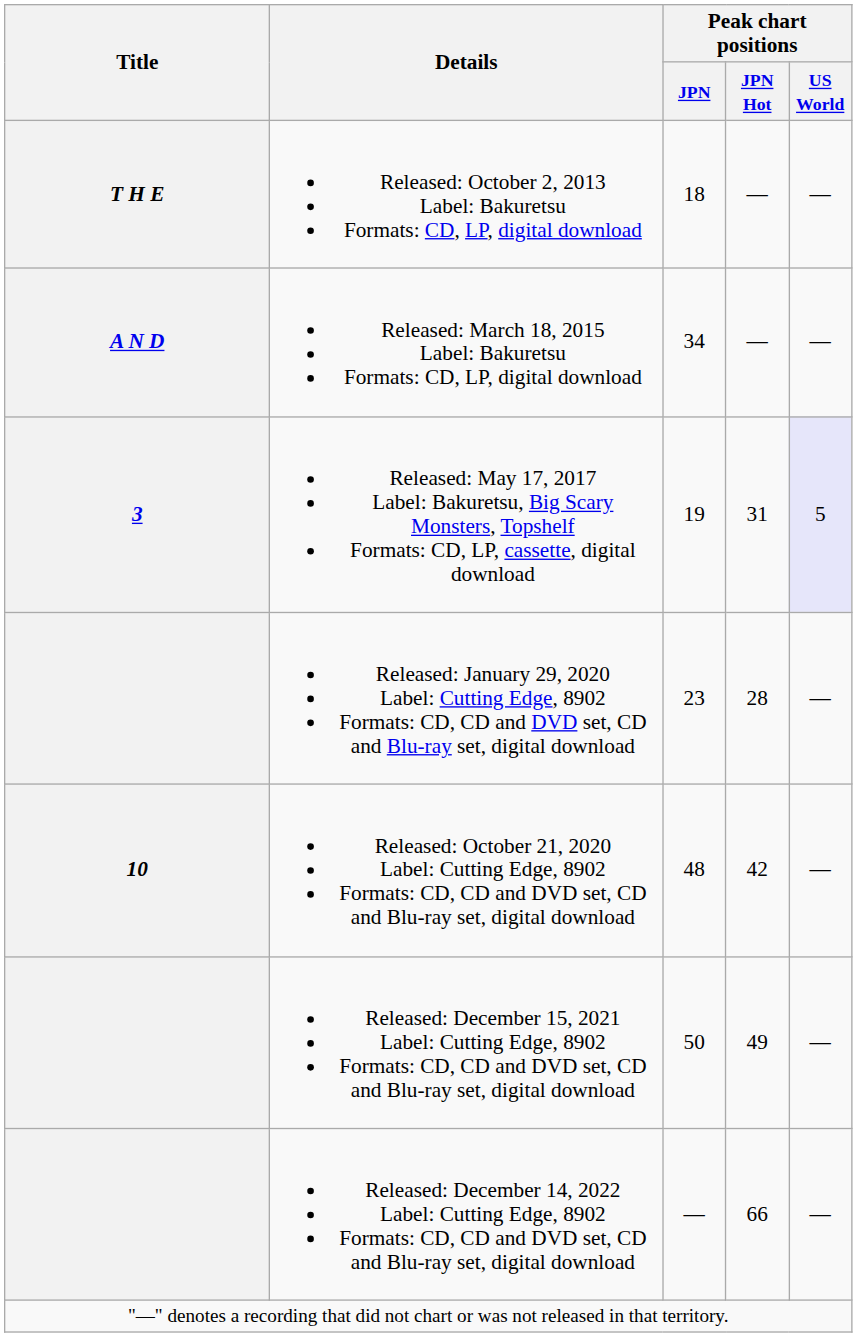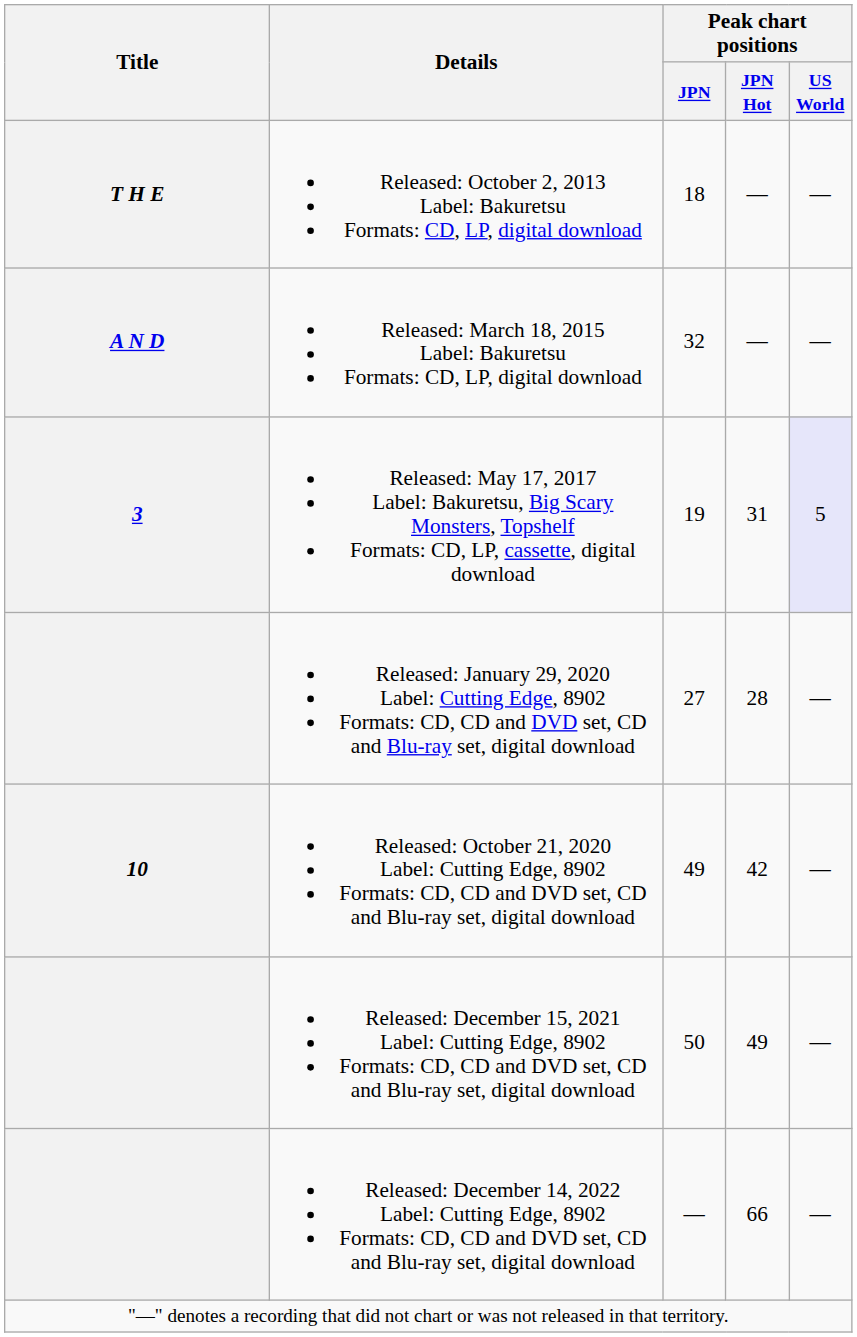 <table class="wikitable plainrowheaders" style="text-align:center;">
 <tr>
 <th rowspan="2" style="width:12em;">Title</th>
 <th rowspan="2" style="width:18em;">Details</th>
 <th colspan="3">Peak chart positions</th>
 </tr>
 <tr>
 <th style="width:2.5em;"><small><a href='#'>JPN</a></small></th>
 <th style="width:2.5em;"><small><a href='#'>JPN Hot</a></small></th>
 <th style="width:2.5em;"><small><a href='#'>US World</a></small></th>
 </tr>
 <tr>
 <th scope="row"><em>T H E</em></th>
 <td><br><ul><li>Released: October 2, 2013</li><li>Label: Bakuretsu</li><li>Formats: <a href='#'>CD</a>, <a href='#'>LP</a>, <a href='#'>digital download</a></li></ul></td>
 <td>18</td>
 <td>—</td>
 <td>—</td>
 </tr>
 <tr>
 <th scope="row"><em><a href='#'>A N D</a></em></th>
 <td><br><ul><li>Released: March 18, 2015</li><li>Label: Bakuretsu</li><li>Formats: CD, LP, digital download</li></ul></td>
-<td>34</td>
+<td>32</td>
 <td>—</td>
 <td>—</td>
 </tr>
 <tr>
 <th scope="row"><em><a href='#'>3</a></em></th>
 <td><br><ul><li>Released: May 17, 2017</li><li>Label: Bakuretsu, <a href='#'>Big Scary Monsters</a>, <a href='#'>Topshelf</a></li><li>Formats: CD, LP, <a href='#'>cassette</a>, digital download</li></ul></td>
 <td>19</td>
 <td>31</td>
 <td style="background: lavender;">5</td>
 </tr>
 <tr>
 <th scope="row"></th>
 <td><br><ul><li>Released: January 29, 2020</li><li>Label: <a href='#'>Cutting Edge</a>, 8902</li><li>Formats: CD, CD and <a href='#'>DVD</a> set, CD and <a href='#'>Blu-ray</a> set, digital download</li></ul></td>
-<td>23</td>
+<td>27</td>
 <td>28</td>
 <td>—</td>
 </tr>
 <tr>
 <th scope="row"><em>10</em></th>
 <td><br><ul><li>Released: October 21, 2020</li><li>Label: Cutting Edge, 8902</li><li>Formats: CD, CD and DVD set, CD and Blu-ray set, digital download</li></ul></td>
-<td>48</td>
+<td>49</td>
 <td>42</td>
 <td>—</td>
 </tr>
 <tr>
 <th scope="row"></th>
 <td><br><ul><li>Released: December 15, 2021</li><li>Label: Cutting Edge, 8902</li><li>Formats: CD, CD and DVD set, CD and Blu-ray set, digital download</li></ul></td>
 <td>50</td>
 <td>49</td>
 <td>—</td>
 </tr>
 <tr>
 <th scope="row"></th>
 <td><br><ul><li>Released: December 14, 2022</li><li>Label: Cutting Edge, 8902</li><li>Formats: CD, CD and DVD set, CD and Blu-ray set, digital download</li></ul></td>
 <td>—</td>
 <td>66</td>
 <td>—</td>
 </tr>
 <tr>
 <td colspan="5" style="font-size:90%">"—" denotes a recording that did not chart or was not released in that territory.</td>
 </tr>
 </table>
